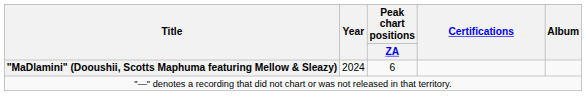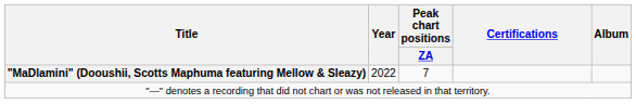 <table class="wikitable plainrowheaders" style="text-align:center;">
 <tr>
 <th scope="col" rowspan="2">Title</th>
 <th scope="col" rowspan="2">Year</th>
 <th scope="col" colspan="1">Peak chart positions</th>
 <th scope="col" rowspan="2" style="width:12em;"><a href='#'>Certifications</a></th>
 <th scope="col" rowspan="2">Album</th>
 </tr>
 <tr>
 <th scope="col" style="width:3em;font-size:100%;"><a href='#'>ZA</a><br></th>
 </tr>
 <tr>
 <th scope="row">"MaDlamini" (Dooushii, Scotts Maphuma featuring Mellow & Sleazy)</th>
-<td>2024</td>
-<td>6</td>
+<td>2022</td>
+<td>7</td>
 <td></td>
 <td></td>
 </tr>
 <tr>
 <td colspan="8" style="font-size:90%">"—" denotes a recording that did not chart or was not released in that territory.</td>
 </tr>
 </table>
